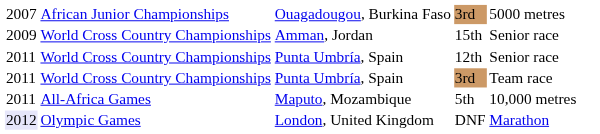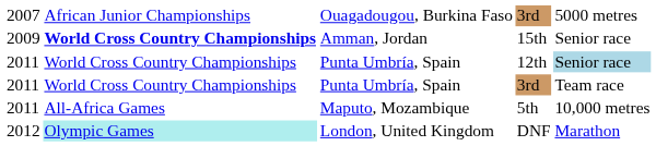 <table>
 <tr>
 <td>2007</td>
 <td><a href='#'>African Junior Championships</a></td>
 <td><a href='#'>Ouagadougou</a>, Burkina Faso</td>
 <td bgcolor=cc9966>3rd</td>
 <td>5000 metres</td>
 <td></td>
 </tr>
 <tr>
 <td>2009</td>
-<td><a href='#'>World Cross Country Championships</a></td>
+<td><strong><a href='#'>World Cross Country Championships</a></strong></td>
 <td><a href='#'>Amman</a>, Jordan</td>
 <td>15th</td>
 <td>Senior race</td>
 <td></td>
 </tr>
 <tr>
 <td>2011</td>
 <td><a href='#'>World Cross Country Championships</a></td>
 <td><a href='#'>Punta Umbría</a>, Spain</td>
 <td>12th</td>
-<td>Senior race</td>
+<td style="background: lightblue;">Senior race</td>
 <td></td>
 </tr>
 <tr>
 <td>2011</td>
 <td><a href='#'>World Cross Country Championships</a></td>
 <td><a href='#'>Punta Umbría</a>, Spain</td>
 <td bgcolor=cc9966>3rd</td>
 <td>Team race</td>
 <td></td>
 </tr>
 <tr>
 <td>2011</td>
 <td><a href='#'>All-Africa Games</a></td>
 <td><a href='#'>Maputo</a>, Mozambique</td>
 <td>5th</td>
 <td>10,000 metres</td>
 <td></td>
 </tr>
 <tr>
-<td style="background: lavender;">2012</td>
-<td><a href='#'>Olympic Games</a></td>
+<td>2012</td>
+<td style="background: paleturquoise;"><a href='#'>Olympic Games</a></td>
 <td><a href='#'>London</a>, United Kingdom</td>
 <td>DNF</td>
 <td><a href='#'>Marathon</a></td>
 </tr>
 </table>
